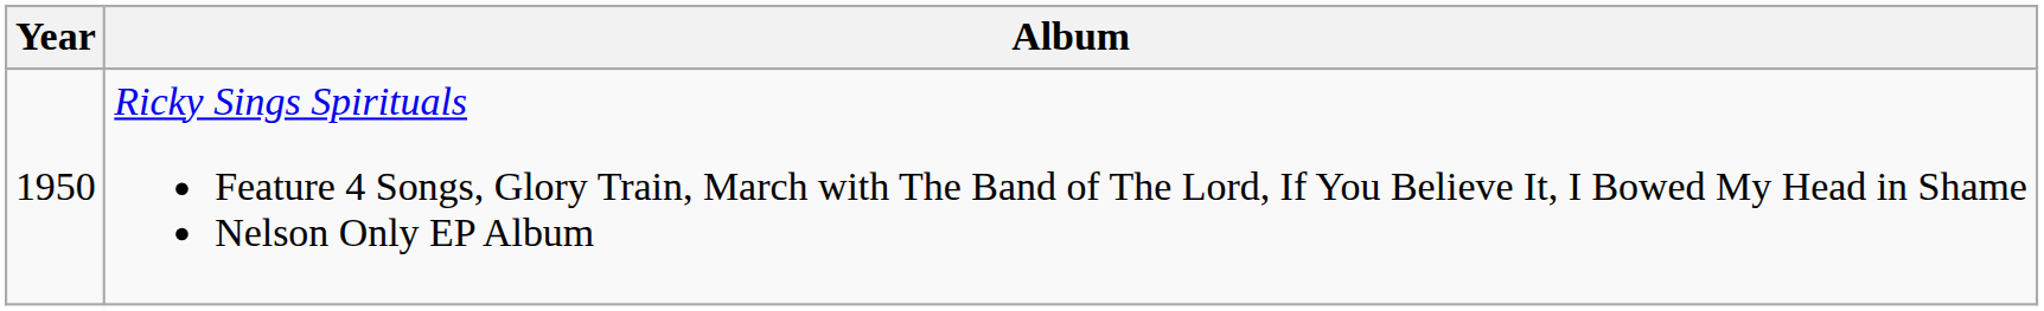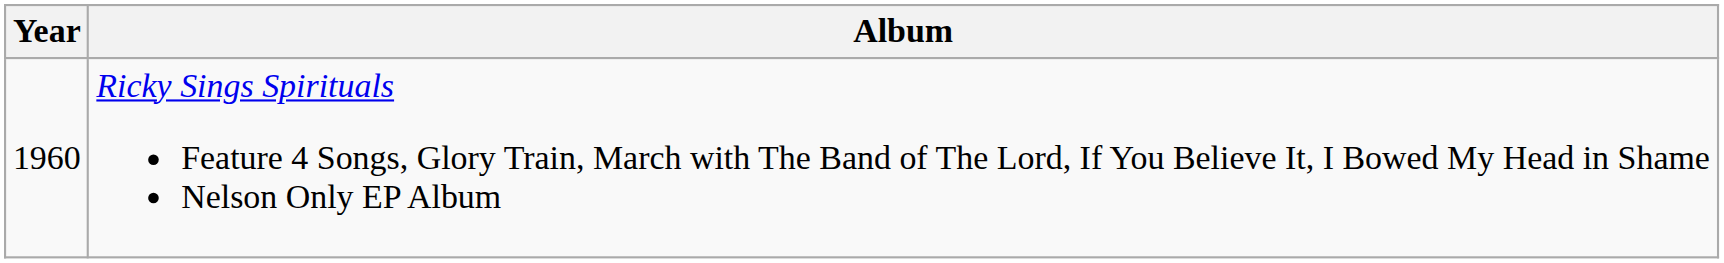 <table class="wikitable">
 <tr>
 <th>Year</th>
 <th>Album</th>
 </tr>
 <tr>
-<td>1950</td>
+<td>1960</td>
 <td><em><a href='#'>Ricky Sings Spirituals</a></em><br><ul><li>Feature 4 Songs, Glory Train, March with The Band of The Lord, If You Believe It, I Bowed My Head in Shame</li><li>Nelson Only EP Album</li></ul></td>
 </tr>
 </table>
